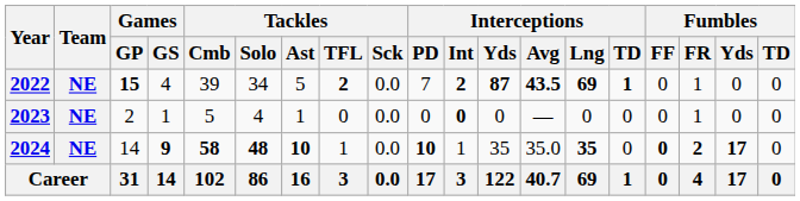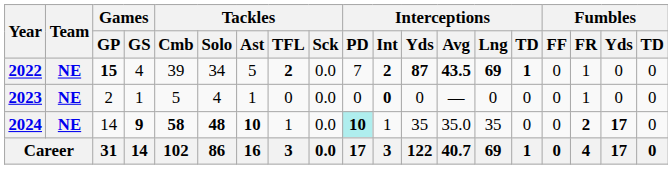 <table class="wikitable" style="text-align:center;">
 <tr>
 <th rowspan="2">Year</th>
 <th rowspan="2">Team</th>
 <th colspan="2">Games</th>
 <th colspan="5">Tackles</th>
 <th colspan="6">Interceptions</th>
 <th colspan="4">Fumbles</th>
 </tr>
 <tr>
 <th>GP</th>
 <th>GS</th>
 <th>Cmb</th>
 <th>Solo</th>
 <th>Ast</th>
 <th>TFL</th>
 <th>Sck</th>
 <th>PD</th>
 <th>Int</th>
 <th>Yds</th>
 <th>Avg</th>
 <th>Lng</th>
 <th>TD</th>
 <th>FF</th>
 <th>FR</th>
 <th>Yds</th>
 <th>TD</th>
 </tr>
 <tr>
 <th><a href='#'>2022</a></th>
 <th><a href='#'>NE</a></th>
 <td><strong>15</strong></td>
 <td>4</td>
 <td>39</td>
 <td>34</td>
 <td>5</td>
 <td><strong>2</strong></td>
 <td>0.0</td>
 <td>7</td>
 <td><strong>2</strong></td>
 <td><strong>87</strong></td>
 <td><strong>43.5</strong></td>
 <td><strong>69</strong></td>
 <td><strong>1</strong></td>
 <td>0</td>
 <td>1</td>
 <td>0</td>
 <td>0</td>
 </tr>
 <tr>
 <th><a href='#'>2023</a></th>
 <th><a href='#'>NE</a></th>
 <td>2</td>
 <td>1</td>
 <td>5</td>
 <td>4</td>
 <td>1</td>
 <td>0</td>
 <td>0.0</td>
 <td>0</td>
 <td><strong>0</strong></td>
 <td>0</td>
 <td>—</td>
 <td>0</td>
 <td>0</td>
 <td>0</td>
 <td>1</td>
 <td>0</td>
 <td>0</td>
 </tr>
 <tr>
 <th><a href='#'>2024</a></th>
 <th><a href='#'>NE</a></th>
 <td>14</td>
 <td><strong>9</strong></td>
 <td><strong>58</strong></td>
 <td><strong>48</strong></td>
 <td><strong>10</strong></td>
 <td>1</td>
 <td>0.0</td>
-<td><strong>10</strong></td>
+<td style="background: paleturquoise;"><strong>10</strong></td>
 <td>1</td>
 <td>35</td>
 <td>35.0</td>
-<td><strong>35</strong></td>
+<td>35</td>
 <td>0</td>
-<td><strong>0</strong></td>
+<td>0</td>
 <td><strong>2</strong></td>
 <td><strong>17</strong></td>
 <td>0</td>
 </tr>
 <tr>
 <th colspan="2">Career</th>
 <th>31</th>
 <th>14</th>
 <th>102</th>
 <th>86</th>
 <th>16</th>
 <th>3</th>
 <th>0.0</th>
 <th>17</th>
 <th>3</th>
 <th>122</th>
 <th>40.7</th>
 <th>69</th>
 <th>1</th>
 <th>0</th>
 <th>4</th>
 <th>17</th>
 <th>0</th>
 </tr>
 </table>
